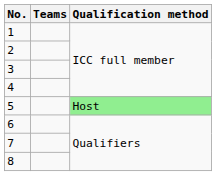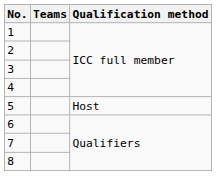 <table class="wikitable">
 <tr>
 <th>No.</th>
 <th>Teams</th>
 <th>Qualification method</th>
 </tr>
 <tr>
 <td>1</td>
 <td></td>
 <td rowspan=4>ICC full member</td>
 </tr>
 <tr>
 <td>2</td>
 <td></td>
 </tr>
 <tr>
 <td>3</td>
 <td></td>
 </tr>
 <tr>
 <td>4</td>
 <td></td>
 </tr>
 <tr>
 <td>5</td>
 <td></td>
-<td style="background: lightgreen;">Host</td>
+<td>Host</td>
 </tr>
 <tr>
 <td>6</td>
 <td></td>
 <td rowspan=3>Qualifiers</td>
 </tr>
 <tr>
 <td>7</td>
 <td></td>
 </tr>
 <tr>
 <td>8</td>
 <td></td>
 </tr>
 </table>
